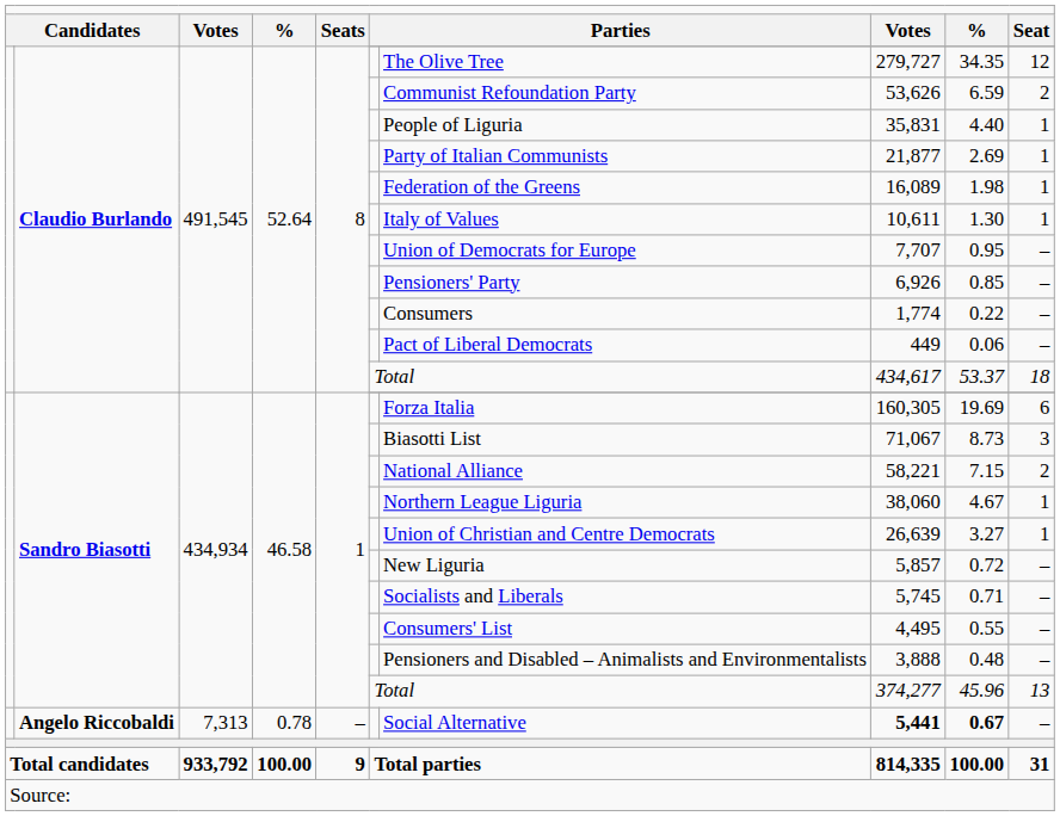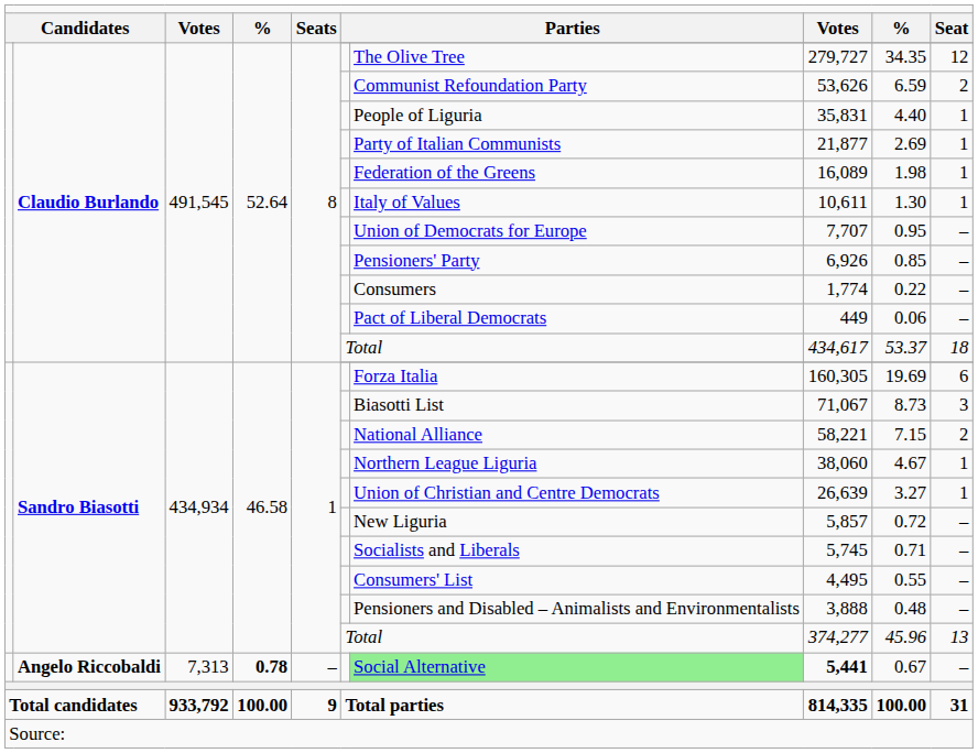 <table class="wikitable">
 <tr>
 <td colspan=10></td>
 </tr>
 <tr>
 <th colspan=2>Candidates</th>
 <th>Votes</th>
 <th>%</th>
 <th>Seats</th>
 <th colspan=2>Parties</th>
 <th>Votes</th>
 <th>%</th>
 <th>Seat</th>
 </tr>
 <tr>
 <td rowspan=12></td>
 <td rowspan=12><strong><a href='#'>Claudio Burlando</a></strong></td>
 <td rowspan=12 align=right>491,545</td>
 <td rowspan=12 align=right>52.64</td>
 <td rowspan=12 align=right>8</td>
 </tr>
 <tr>
 <td></td>
 <td><a href='#'>The Olive Tree</a></td>
 <td align=right>279,727</td>
 <td align=right>34.35</td>
 <td align=right>12</td>
 </tr>
 <tr>
 <td></td>
 <td><a href='#'>Communist Refoundation Party</a></td>
 <td align=right>53,626</td>
 <td align=right>6.59</td>
 <td align=right>2</td>
 </tr>
 <tr>
 <td></td>
 <td>People of Liguria</td>
 <td align=right>35,831</td>
 <td align=right>4.40</td>
 <td align=right>1</td>
 </tr>
 <tr>
 <td></td>
 <td><a href='#'>Party of Italian Communists</a></td>
 <td align=right>21,877</td>
 <td align=right>2.69</td>
 <td align=right>1</td>
 </tr>
 <tr>
 <td></td>
 <td><a href='#'>Federation of the Greens</a></td>
 <td align=right>16,089</td>
 <td align=right>1.98</td>
 <td align=right>1</td>
 </tr>
 <tr>
 <td></td>
 <td><a href='#'>Italy of Values</a></td>
 <td align=right>10,611</td>
 <td align=right>1.30</td>
 <td align=right>1</td>
 </tr>
 <tr>
 <td></td>
 <td><a href='#'>Union of Democrats for Europe</a></td>
 <td align=right>7,707</td>
 <td align=right>0.95</td>
 <td align=right>–</td>
 </tr>
 <tr>
 <td></td>
 <td><a href='#'>Pensioners' Party</a></td>
 <td align=right>6,926</td>
 <td align=right>0.85</td>
 <td align=right>–</td>
 </tr>
 <tr>
 <td></td>
 <td>Consumers</td>
 <td align=right>1,774</td>
 <td align=right>0.22</td>
 <td align=right>–</td>
 </tr>
 <tr>
 <td></td>
 <td><a href='#'>Pact of Liberal Democrats</a></td>
 <td align=right>449</td>
 <td align=right>0.06</td>
 <td align=right>–</td>
 </tr>
 <tr>
 <td colspan=2><em>Total</em></td>
 <td align=right><em>434,617</em></td>
 <td align=right><em>53.37</em></td>
 <td align=right><em>18</em></td>
 </tr>
 <tr>
 <td rowspan=11></td>
 <td rowspan=11><strong><a href='#'>Sandro Biasotti</a></strong></td>
 <td rowspan=11 align=right>434,934</td>
 <td rowspan=11 align=right>46.58</td>
 <td rowspan=11 align=right>1</td>
 </tr>
 <tr>
 <td></td>
 <td><a href='#'>Forza Italia</a></td>
 <td align=right>160,305</td>
 <td align=right>19.69</td>
 <td align=right>6</td>
 </tr>
 <tr>
 <td></td>
 <td>Biasotti List</td>
 <td align=right>71,067</td>
 <td align=right>8.73</td>
 <td align=right>3</td>
 </tr>
 <tr>
 <td></td>
 <td><a href='#'>National Alliance</a></td>
 <td align=right>58,221</td>
 <td align=right>7.15</td>
 <td align=right>2</td>
 </tr>
 <tr>
 <td></td>
 <td><a href='#'>Northern League Liguria</a></td>
 <td align=right>38,060</td>
 <td align=right>4.67</td>
 <td align=right>1</td>
 </tr>
 <tr>
 <td></td>
 <td><a href='#'>Union of Christian and Centre Democrats</a></td>
 <td align=right>26,639</td>
 <td align=right>3.27</td>
 <td align=right>1</td>
 </tr>
 <tr>
 <td></td>
 <td>New Liguria</td>
 <td align=right>5,857</td>
 <td align=right>0.72</td>
 <td align=right>–</td>
 </tr>
 <tr>
 <td></td>
 <td><a href='#'>Socialists</a> and <a href='#'>Liberals</a></td>
 <td align=right>5,745</td>
 <td align=right>0.71</td>
 <td align=right>–</td>
 </tr>
 <tr>
 <td></td>
 <td><a href='#'>Consumers' List</a></td>
 <td align=right>4,495</td>
 <td align=right>0.55</td>
 <td align=right>–</td>
 </tr>
 <tr>
 <td></td>
 <td>Pensioners and Disabled – Animalists and Environmentalists</td>
 <td align=right>3,888</td>
 <td align=right>0.48</td>
 <td align=right>–</td>
 </tr>
 <tr>
 <td colspan=2><em>Total</em></td>
 <td align=right><em>374,277</em></td>
 <td align=right><em>45.96</em></td>
 <td align=right><em>13</em></td>
 </tr>
 <tr>
 <td></td>
 <td><strong>Angelo Riccobaldi</strong></td>
 <td align=right>7,313</td>
-<td align=right>0.78</td>
+<td align=right><strong>0.78</strong></td>
 <td align=right>–</td>
 <td></td>
-<td><a href='#'>Social Alternative</a></td>
+<td style="background: lightgreen;"><a href='#'>Social Alternative</a></td>
 <td align=right><strong>5,441</strong></td>
-<td align=right><strong>0.67</strong></td>
+<td align=right>0.67</td>
 <td align=right>–</td>
 </tr>
 <tr>
 <th colspan=10></th>
 </tr>
 <tr>
 <td colspan=2><strong>Total candidates</strong></td>
 <td align=right><strong>933,792</strong></td>
 <td align=right><strong>100.00</strong></td>
 <td align=right><strong>9</strong></td>
 <td colspan=2><strong>Total parties</strong></td>
 <td align=right><strong>814,335</strong></td>
 <td align=right><strong>100.00</strong></td>
 <td align=right><strong>31</strong></td>
 </tr>
 <tr>
 <td colspan=10>Source: </td>
 </tr>
 </table>
